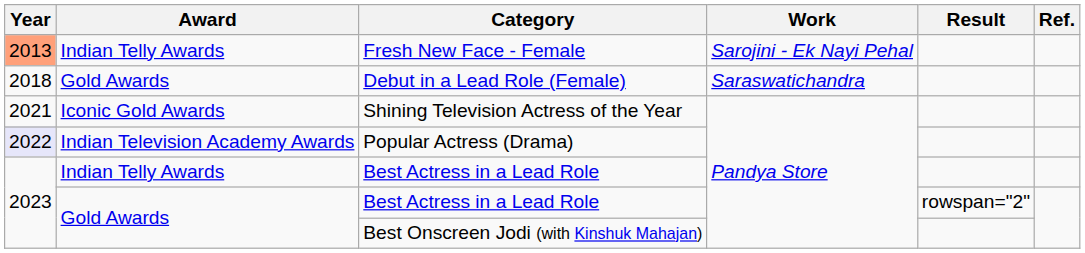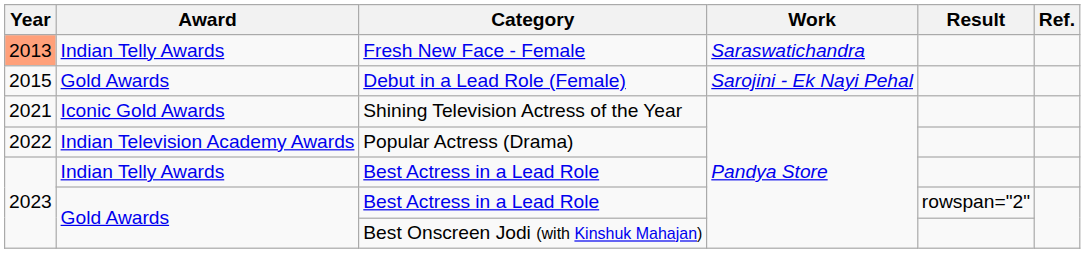 <table class="wikitable">
 <tr>
 <th>Year</th>
 <th>Award</th>
 <th>Category</th>
 <th>Work</th>
 <th>Result</th>
 <th>Ref.</th>
 </tr>
 <tr>
 <td style="background: lightsalmon;">2013</td>
 <td><a href='#'>Indian Telly Awards</a></td>
 <td><a href='#'>Fresh New Face - Female</a></td>
-<td><em><a href='#'>Sarojini - Ek Nayi Pehal</a></em></td>
+<td><em><a href='#'>Saraswatichandra</a></em></td>
 <td></td>
 <td></td>
 </tr>
 <tr>
-<td>2018</td>
+<td>2015</td>
 <td><a href='#'>Gold Awards</a></td>
 <td><a href='#'>Debut in a Lead Role (Female)</a></td>
-<td><em><a href='#'>Saraswatichandra</a></em></td>
+<td><em><a href='#'>Sarojini - Ek Nayi Pehal</a></em></td>
 <td></td>
 <td></td>
 </tr>
 <tr>
 <td>2021</td>
 <td><a href='#'>Iconic Gold Awards</a></td>
 <td>Shining Television Actress of the Year</td>
 <td rowspan="5"><em><a href='#'>Pandya Store</a></em></td>
 <td></td>
 <td></td>
 </tr>
 <tr>
-<td style="background: lavender;">2022</td>
+<td>2022</td>
 <td><a href='#'>Indian Television Academy Awards</a></td>
 <td>Popular Actress (Drama)</td>
 <td></td>
 <td></td>
 </tr>
 <tr>
 <td rowspan="3">2023</td>
 <td><a href='#'>Indian Telly Awards</a></td>
 <td><a href='#'>Best Actress in a Lead Role</a></td>
 <td></td>
 <td></td>
 </tr>
 <tr>
 <td rowspan="2"><a href='#'>Gold Awards</a></td>
 <td><a href='#'>Best Actress in a Lead Role</a></td>
 <td>rowspan="2" </td>
 <td rowspan="2"></td>
 </tr>
 <tr>
 <td>Best Onscreen Jodi <small>(with <a href='#'>Kinshuk Mahajan</a>)</small></td>
 </tr>
 </table>
